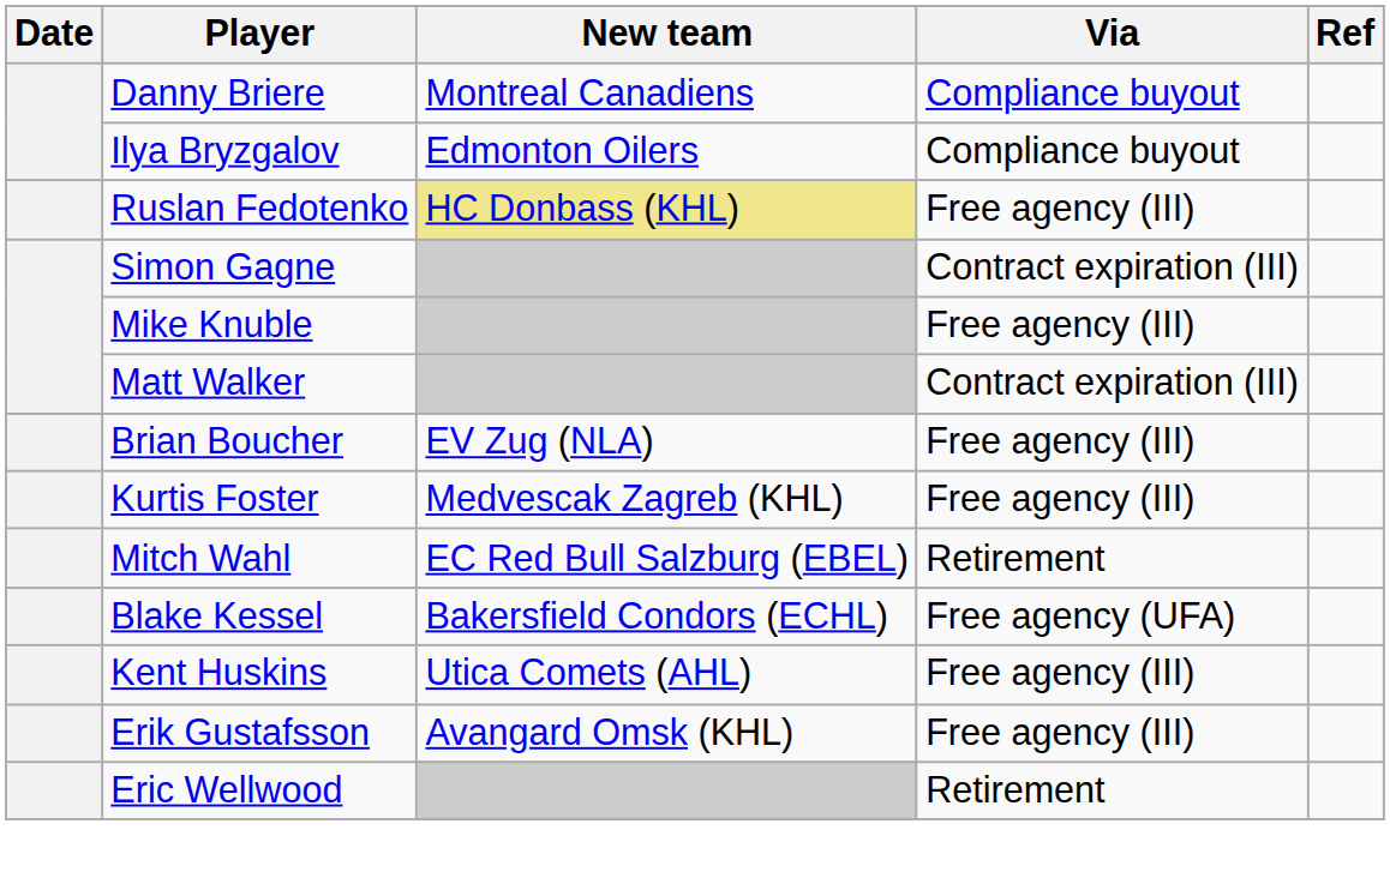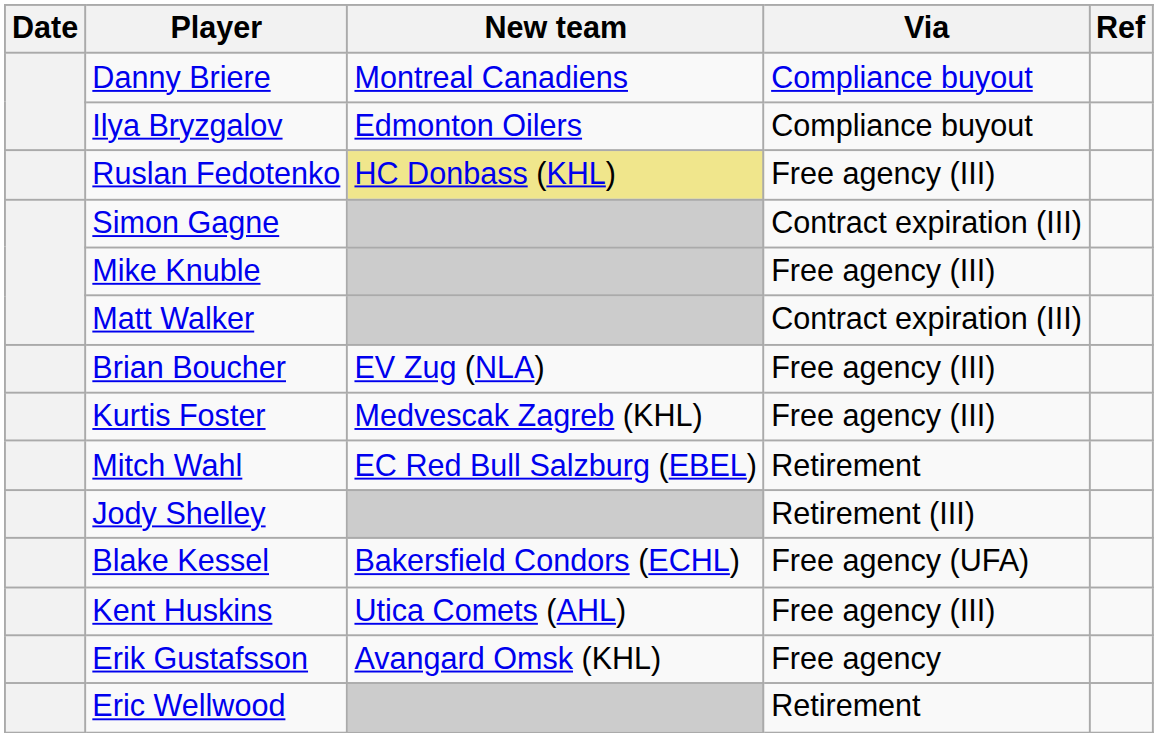 <table class="wikitable plainrowheaders">
 <tr style="background:#ddd; text-align:center;">
 <th>Date</th>
 <th>Player</th>
 <th>New team</th>
 <th>Via</th>
 <th>Ref</th>
 </tr>
 <tr>
 <th scope="row" rowspan=2></th>
 <td><a href='#'>Danny Briere</a></td>
 <td><a href='#'>Montreal Canadiens</a></td>
 <td><a href='#'>Compliance buyout</a></td>
 <td></td>
 </tr>
 <tr>
 <td><a href='#'>Ilya Bryzgalov</a></td>
 <td><a href='#'>Edmonton Oilers</a></td>
 <td>Compliance buyout</td>
 <td></td>
 </tr>
 <tr>
 <th scope="row"></th>
 <td><a href='#'>Ruslan Fedotenko</a></td>
 <td style="background: khaki;"><a href='#'>HC Donbass</a> (<a href='#'>KHL</a>)</td>
 <td>Free agency (III)</td>
 <td></td>
 </tr>
 <tr>
 <th scope="row" rowspan=3></th>
 <td><a href='#'>Simon Gagne</a></td>
 <td style="background:#ccc"></td>
 <td>Contract expiration (III)</td>
 <td></td>
 </tr>
 <tr>
 <td><a href='#'>Mike Knuble</a></td>
 <td style="background:#ccc"></td>
 <td>Free agency (III)</td>
 <td></td>
 </tr>
 <tr>
 <td><a href='#'>Matt Walker</a></td>
 <td style="background:#ccc"></td>
 <td>Contract expiration (III)</td>
 <td></td>
 </tr>
 <tr>
 <th scope="row"></th>
 <td><a href='#'>Brian Boucher</a></td>
 <td><a href='#'>EV Zug</a> (<a href='#'>NLA</a>)</td>
 <td>Free agency (III)</td>
 <td></td>
 </tr>
 <tr>
 <th scope="row"></th>
 <td><a href='#'>Kurtis Foster</a></td>
 <td><a href='#'>Medvescak Zagreb</a> (KHL)</td>
 <td>Free agency (III)</td>
 <td></td>
 </tr>
 <tr>
 <th scope="row"></th>
 <td><a href='#'>Mitch Wahl</a></td>
 <td><a href='#'>EC Red Bull Salzburg</a> (<a href='#'>EBEL</a>)</td>
 <td>Retirement</td>
 <td></td>
 </tr>
 <tr>
 <th scope="row"></th>
+<td><a href='#'>Jody Shelley</a></td>
+<td style="background:#ccc"></td>
+<td>Retirement (III)</td>
+<td></td>
+</tr>
+<tr>
+<th scope="row"></th>
 <td><a href='#'>Blake Kessel</a></td>
 <td><a href='#'>Bakersfield Condors</a> (<a href='#'>ECHL</a>)</td>
 <td>Free agency (UFA)</td>
 <td></td>
 </tr>
 <tr>
 <th scope="row"></th>
 <td><a href='#'>Kent Huskins</a></td>
 <td><a href='#'>Utica Comets</a> (<a href='#'>AHL</a>)</td>
 <td>Free agency (III)</td>
 <td></td>
 </tr>
 <tr>
 <th scope="row"></th>
 <td><a href='#'>Erik Gustafsson</a></td>
 <td><a href='#'>Avangard Omsk</a> (KHL)</td>
-<td>Free agency (III)</td>
+<td>Free agency</td>
 <td></td>
 </tr>
 <tr>
 <th scope="row"></th>
 <td><a href='#'>Eric Wellwood</a></td>
 <td style="background:#ccc"></td>
 <td>Retirement</td>
 <td></td>
 </tr>
 </table>
